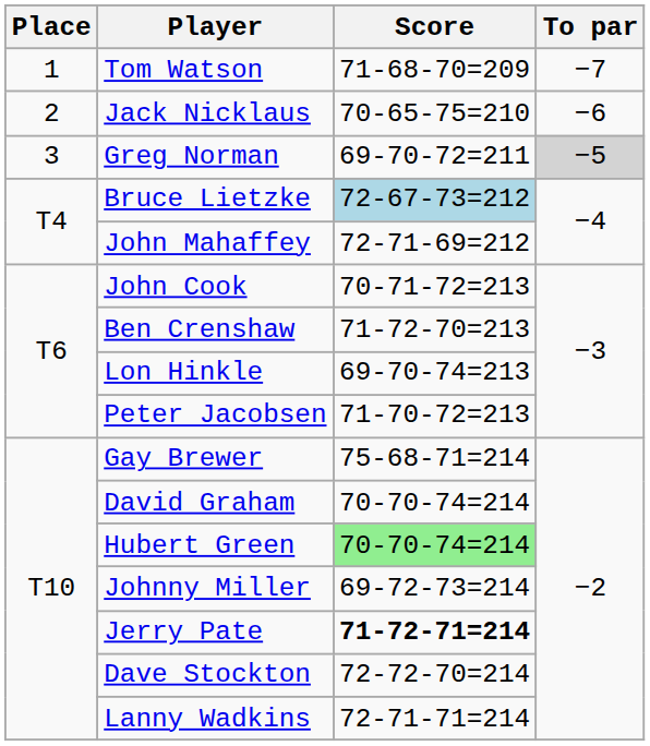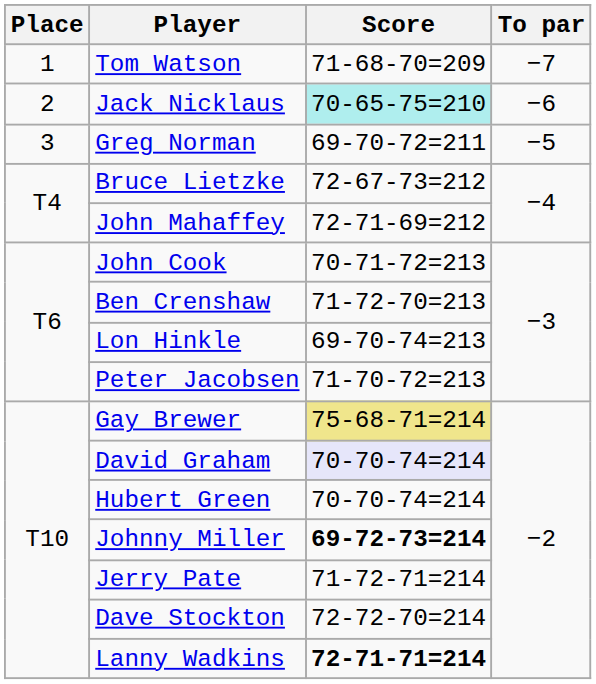 <table class="wikitable">
 <tr>
 <th>Place</th>
 <th>Player</th>
 <th>Score</th>
 <th>To par</th>
 </tr>
 <tr>
 <td align="center">1</td>
 <td> <a href='#'>Tom Watson</a></td>
 <td>71-68-70=209</td>
 <td align="center">−7</td>
 </tr>
 <tr>
 <td align="center">2</td>
 <td> <a href='#'>Jack Nicklaus</a></td>
-<td>70-65-75=210</td>
+<td style="background: paleturquoise;">70-65-75=210</td>
 <td align="center">−6</td>
 </tr>
 <tr>
 <td align="center">3</td>
 <td> <a href='#'>Greg Norman</a></td>
 <td>69-70-72=211</td>
-<td align="center" style="background: lightgrey;">−5</td>
+<td align="center">−5</td>
 </tr>
 <tr>
 <td rowspan=2 align="center">T4</td>
 <td> <a href='#'>Bruce Lietzke</a></td>
-<td style="background: lightblue;">72-67-73=212</td>
+<td>72-67-73=212</td>
 <td rowspan=2 align="center">−4</td>
 </tr>
 <tr>
 <td> <a href='#'>John Mahaffey</a></td>
 <td>72-71-69=212</td>
 </tr>
 <tr>
 <td rowspan=4 align="center">T6</td>
 <td> <a href='#'>John Cook</a></td>
 <td>70-71-72=213</td>
 <td rowspan=4 align="center">−3</td>
 </tr>
 <tr>
 <td> <a href='#'>Ben Crenshaw</a></td>
 <td>71-72-70=213</td>
 </tr>
 <tr>
 <td> <a href='#'>Lon Hinkle</a></td>
 <td>69-70-74=213</td>
 </tr>
 <tr>
 <td> <a href='#'>Peter Jacobsen</a></td>
 <td>71-70-72=213</td>
 </tr>
 <tr>
 <td rowspan=7 align="center">T10</td>
 <td> <a href='#'>Gay Brewer</a></td>
-<td>75-68-71=214</td>
+<td style="background: khaki;">75-68-71=214</td>
 <td rowspan=7 align="center">−2</td>
 </tr>
 <tr>
 <td> <a href='#'>David Graham</a></td>
+<td style="background: lavender;">70-70-74=214</td>
+</tr>
+<tr>
+<td> <a href='#'>Hubert Green</a></td>
 <td>70-70-74=214</td>
 </tr>
 <tr>
-<td> <a href='#'>Hubert Green</a></td>
-<td style="background: lightgreen;">70-70-74=214</td>
-</tr>
-<tr>
 <td> <a href='#'>Johnny Miller</a></td>
-<td>69-72-73=214</td>
+<td><strong>69-72-73=214</strong></td>
 </tr>
 <tr>
 <td> <a href='#'>Jerry Pate</a></td>
-<td><strong>71-72-71=214</strong></td>
+<td>71-72-71=214</td>
 </tr>
 <tr>
 <td> <a href='#'>Dave Stockton</a></td>
 <td>72-72-70=214</td>
 </tr>
 <tr>
 <td> <a href='#'>Lanny Wadkins</a></td>
-<td>72-71-71=214</td>
+<td><strong>72-71-71=214</strong></td>
 </tr>
 </table>
